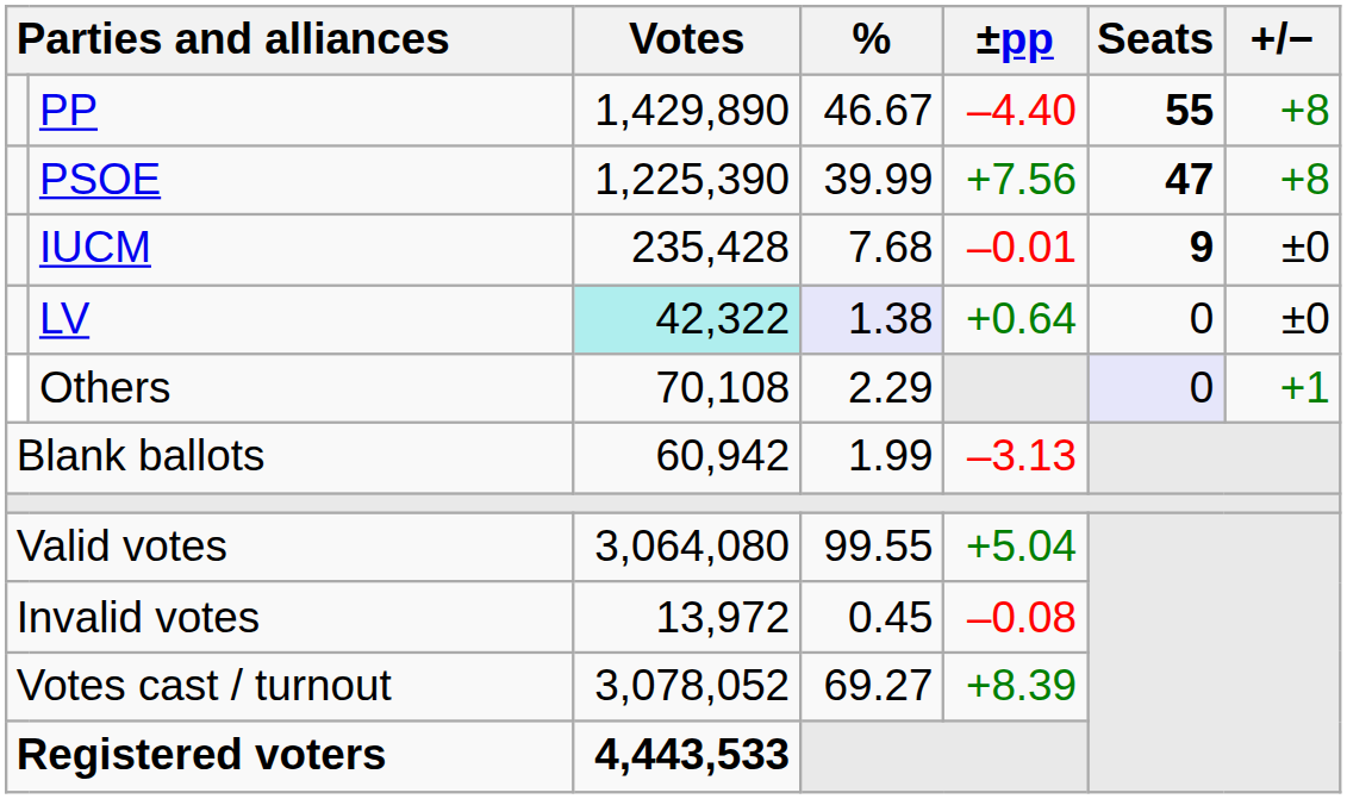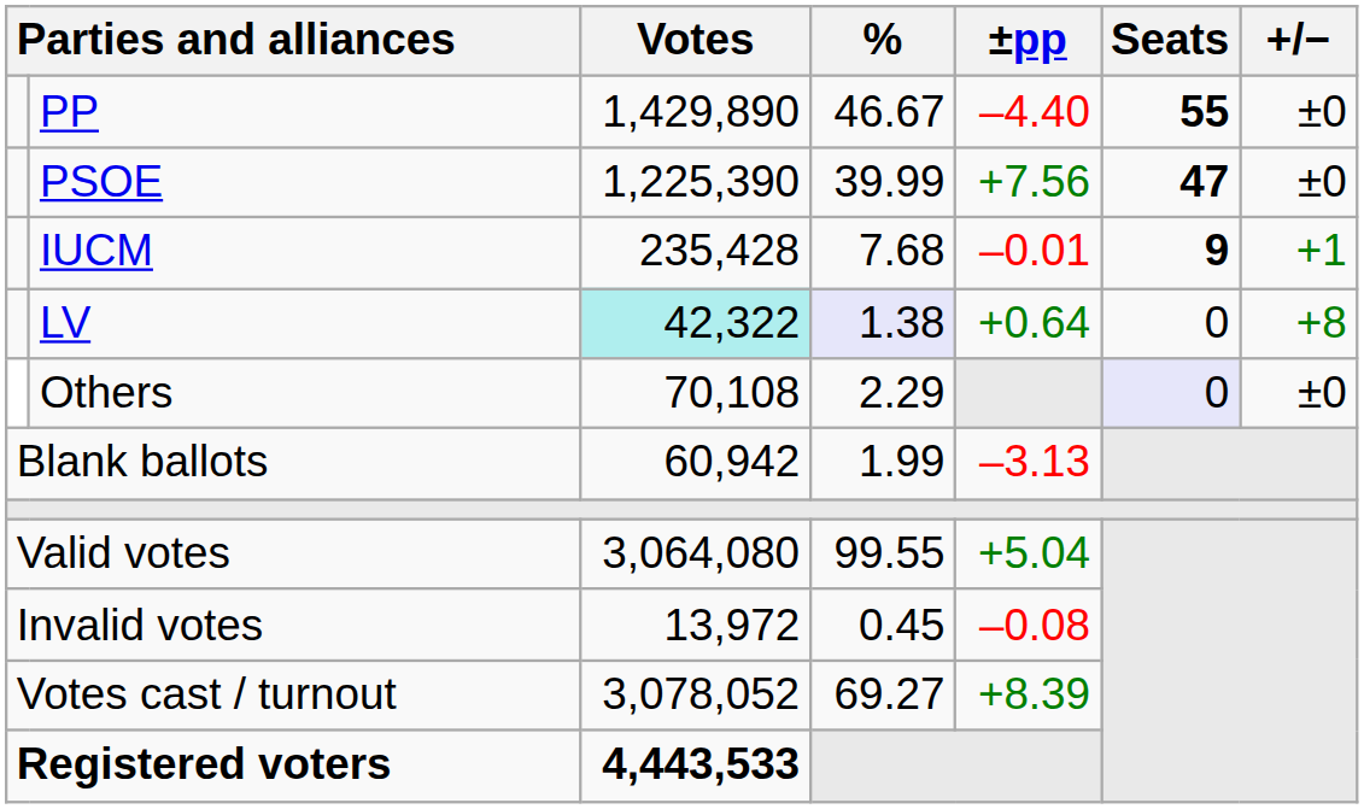 <table class="wikitable" style="text-align:right;">
 <tr>
 <th style="text-align:left;" colspan="2" width="200">Parties and alliances</th>
 <th width="75">Votes</th>
 <th width="45">%</th>
 <th width="45">±<a href='#'>pp</a></th>
 <th width="35">Seats</th>
 <th width="35">+/−</th>
 </tr>
 <tr>
 <td width="1" style="color:inherit;background:"></td>
 <td align="left"><a href='#'>PP</a></td>
 <td>1,429,890</td>
 <td>46.67</td>
 <td style="color:red;">–4.40</td>
 <td><strong>55</strong></td>
-<td style="color:green;">+8</td>
+<td>±0</td>
 </tr>
 <tr>
 <td style="color:inherit;background:"></td>
 <td align="left"><a href='#'>PSOE</a></td>
 <td>1,225,390</td>
 <td>39.99</td>
 <td style="color:green;">+7.56</td>
 <td><strong>47</strong></td>
-<td style="color:green;">+8</td>
+<td>±0</td>
 </tr>
 <tr>
 <td style="color:inherit;background:"></td>
 <td align="left"><a href='#'>IUCM</a></td>
 <td>235,428</td>
 <td>7.68</td>
 <td style="color:red;">–0.01</td>
 <td><strong>9</strong></td>
-<td>±0</td>
+<td style="color:green;">+1</td>
 </tr>
 <tr>
 <td style="color:inherit;background:"></td>
 <td align="left"><a href='#'>LV</a></td>
 <td style="background: paleturquoise;">42,322</td>
 <td style="background: lavender;">1.38</td>
 <td style="color:green;">+0.64</td>
 <td>0</td>
-<td>±0</td>
+<td style="color:green;">+8</td>
 </tr>
 <tr>
 <td bgcolor="white"></td>
 <td align="left">Others</td>
 <td>70,108</td>
 <td>2.29</td>
 <td bgcolor="#E9E9E9"></td>
 <td style="background: lavender;">0</td>
-<td style="color:green;">+1</td>
+<td>±0</td>
 </tr>
 <tr>
 <td align="left" colspan="2">Blank ballots</td>
 <td>60,942</td>
 <td>1.99</td>
 <td style="color:red;">–3.13</td>
 <td bgcolor="#E9E9E9" colspan="2"></td>
 </tr>
 <tr>
 <td colspan="7" bgcolor="#E9E9E9"></td>
 </tr>
 <tr>
 <td align="left" colspan="2">Valid votes</td>
 <td>3,064,080</td>
 <td>99.55</td>
 <td style="color:green;">+5.04</td>
 <td bgcolor="#E9E9E9" colspan="2" rowspan="4"></td>
 </tr>
 <tr>
 <td align="left" colspan="2">Invalid votes</td>
 <td>13,972</td>
 <td>0.45</td>
 <td style="color:red;">–0.08</td>
 </tr>
 <tr>
 <td align="left" colspan="2">Votes cast / turnout</td>
 <td>3,078,052</td>
 <td>69.27</td>
 <td style="color:green;">+8.39</td>
 </tr>
 <tr style="font-weight:bold;">
 <td align="left" colspan="2">Registered voters</td>
 <td>4,443,533</td>
 <td bgcolor="#E9E9E9" colspan="2"></td>
 </tr>
 </table>
